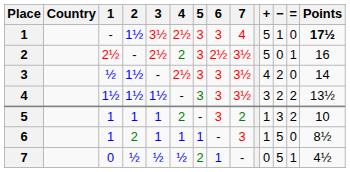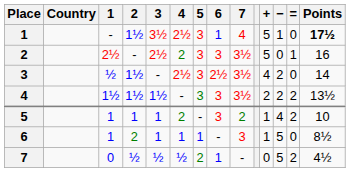 <table class="wikitable" style="text-align:center">
 <tr>
 <th>Place</th>
 <th>Country</th>
 <th>1</th>
 <th>2</th>
 <th>3</th>
 <th>4</th>
 <th>5</th>
 <th>6</th>
 <th>7</th>
 <th></th>
 <th>+</th>
 <th>−</th>
 <th>=</th>
 <th>Points</th>
 </tr>
 <tr>
 <th>1</th>
 <td style="text-align: left"></td>
 <td>-</td>
 <td style="color: blue;">1½</td>
 <td style="color: red;">3½</td>
 <td style="color: red;">2½</td>
 <td style="color: red;">3</td>
-<td style="color: red;">3</td>
+<td style="color: blue;">1</td>
 <td style="color: red;">4</td>
 <th></th>
 <td>5</td>
 <td>1</td>
 <td>0</td>
 <td><strong>17½</strong></td>
 </tr>
 <tr>
 <th>2</th>
 <td style="text-align: left"></td>
 <td style="color: red;">2½</td>
 <td>-</td>
 <td style="color: red;">2½</td>
 <td style="color: green">2</td>
 <td style="color: red;">3</td>
-<td style="color: red;">2½</td>
+<td style="color: red;">3</td>
 <td style="color: red;">3½</td>
 <th></th>
 <td>5</td>
 <td>0</td>
 <td>1</td>
 <td>16</td>
 </tr>
 <tr>
 <th>3</th>
 <td style="text-align: left"></td>
 <td style="color: blue;">½</td>
 <td style="color: blue;">1½</td>
 <td>-</td>
 <td style="color: red;">2½</td>
 <td style="color: red;">3</td>
-<td style="color: red;">3</td>
+<td style="color: red;">2½</td>
 <td style="color: red;">3½</td>
 <th></th>
 <td>4</td>
 <td>2</td>
 <td>0</td>
 <td>14</td>
 </tr>
 <tr>
 <th>4</th>
 <td style="text-align: left"></td>
 <td style="color: blue;">1½</td>
 <td style="color: blue;">1½</td>
 <td style="color: blue;">1½</td>
 <td>-</td>
 <td style="color: green">3</td>
 <td style="color: red;">3</td>
 <td style="color: red;">3½</td>
 <th></th>
-<td>3</td>
+<td>2</td>
 <td>2</td>
 <td>2</td>
 <td>13½</td>
 </tr>
 <tr style="border-top:2px solid grey;">
 <th>5</th>
 <td style="text-align: left"></td>
 <td style="color: blue;">1</td>
 <td style="color: blue;">1</td>
 <td style="color: blue;">1</td>
 <td style="color: green">2</td>
 <td>-</td>
 <td style="color: red;">3</td>
 <td style="color: green">2</td>
 <th></th>
 <td>1</td>
-<td>3</td>
+<td>4</td>
 <td>2</td>
 <td>10</td>
 </tr>
 <tr>
 <th>6</th>
 <td style="text-align: left"></td>
 <td style="color: blue;">1</td>
 <td style="color: green">2</td>
 <td style="color: blue;">1</td>
 <td style="color: blue;">1</td>
 <td style="color: blue;">1</td>
 <td>-</td>
 <td style="color: red;">3</td>
 <th></th>
 <td>1</td>
 <td>5</td>
 <td>0</td>
 <td>8½</td>
 </tr>
 <tr>
 <th>7</th>
 <td style="text-align: left"></td>
 <td style="color: blue;">0</td>
 <td style="color: blue;">½</td>
 <td style="color: blue;">½</td>
 <td style="color: blue;">½</td>
 <td style="color: green">2</td>
 <td style="color: blue;">1</td>
 <td>-</td>
 <th></th>
 <td>0</td>
 <td>5</td>
-<td>1</td>
+<td>2</td>
 <td>4½</td>
 </tr>
 </table>
